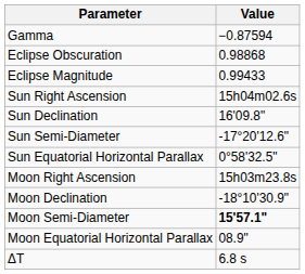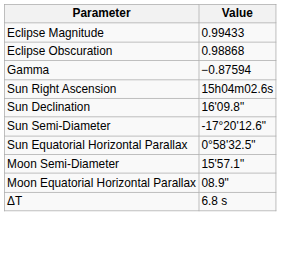 <table class="wikitable">
 <tr>
 <th>Parameter</th>
 <th>Value</th>
 </tr>
 <tr>
-<td>Gamma</td>
-<td>−0.87594</td>
+<td>Eclipse Magnitude</td>
+<td>0.99433</td>
 </tr>
 <tr>
 <td>Eclipse Obscuration</td>
 <td>0.98868</td>
 </tr>
 <tr>
-<td>Eclipse Magnitude</td>
-<td>0.99433</td>
+<td>Gamma</td>
+<td>−0.87594</td>
 </tr>
 <tr>
 <td>Sun Right Ascension</td>
 <td>15h04m02.6s</td>
 </tr>
 <tr>
 <td>Sun Declination</td>
 <td>16'09.8"</td>
 </tr>
 <tr>
 <td>Sun Semi-Diameter</td>
 <td>-17°20'12.6"</td>
 </tr>
 <tr>
 <td>Sun Equatorial Horizontal Parallax</td>
 <td>0°58'32.5"</td>
 </tr>
 <tr>
-<td>Moon Right Ascension</td>
-<td>15h03m23.8s</td>
-</tr>
-<tr>
-<td>Moon Declination</td>
-<td>-18°10'30.9"</td>
-</tr>
-<tr>
 <td>Moon Semi-Diameter</td>
-<td><strong>15'57.1"</strong></td>
+<td>15'57.1"</td>
 </tr>
 <tr>
 <td>Moon Equatorial Horizontal Parallax</td>
 <td>08.9"</td>
 </tr>
 <tr>
 <td>ΔT</td>
 <td>6.8 s</td>
 </tr>
 </table>
